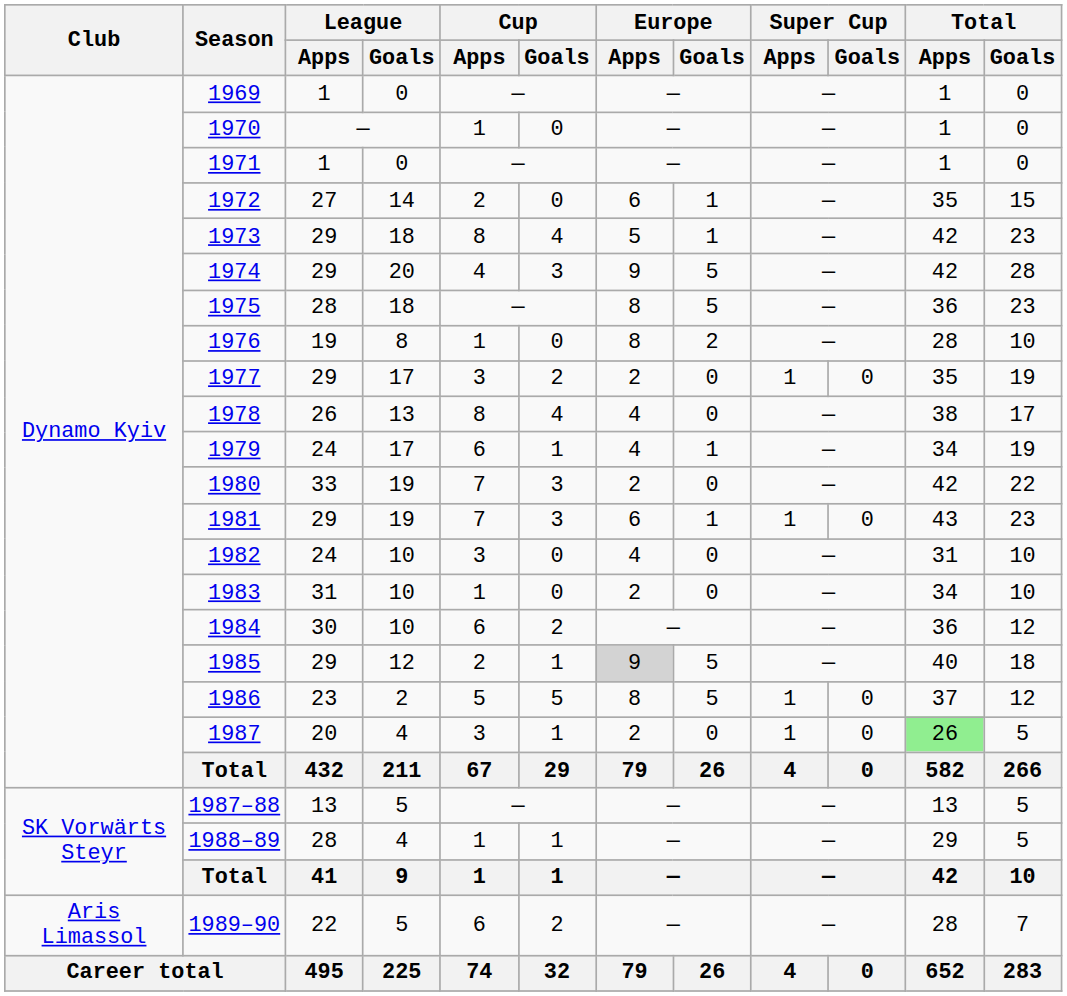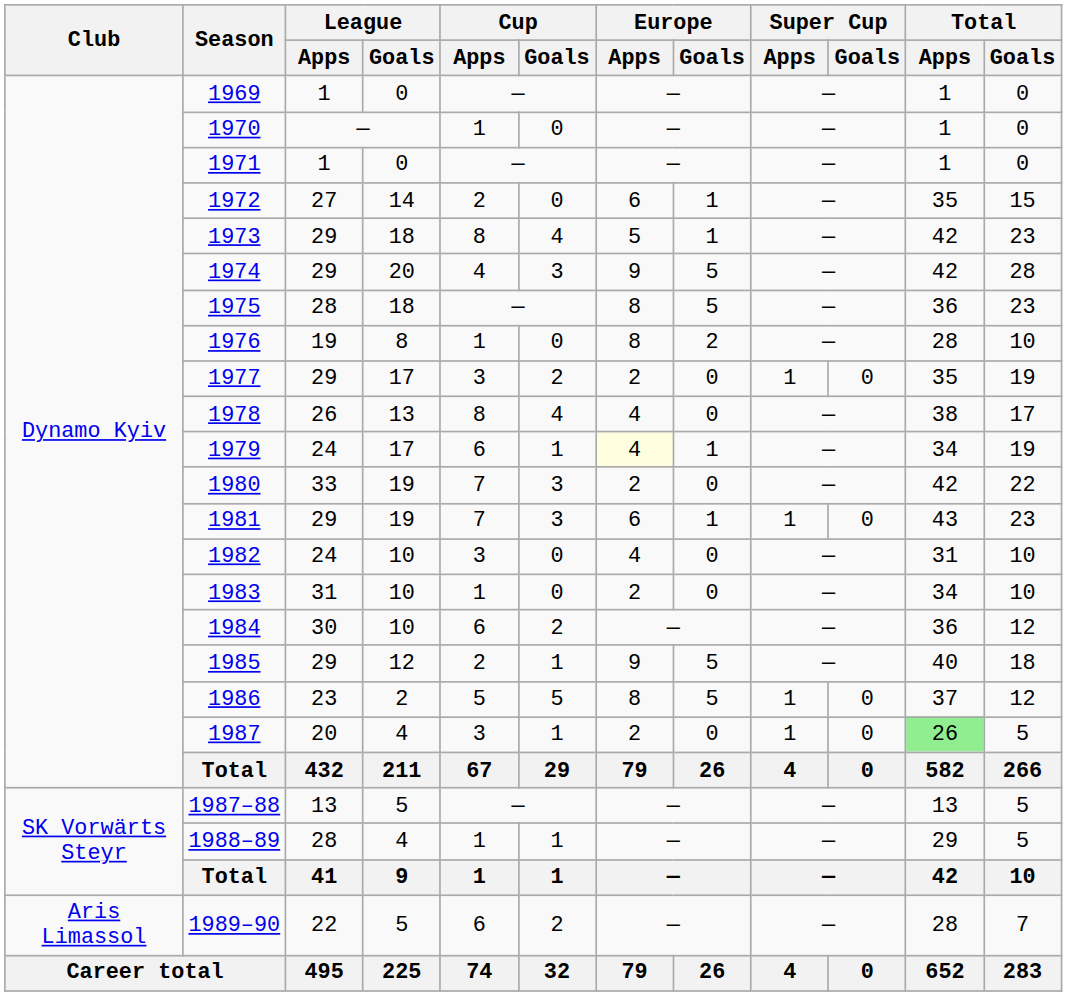 <table class="wikitable" style="text-align:center">
 <tr>
 <th rowspan="2" width="100">Club</th>
 <th rowspan="2">Season</th>
 <th colspan="2">League</th>
 <th colspan="2">Cup</th>
 <th colspan="2">Europe</th>
 <th colspan="2">Super Cup</th>
 <th colspan="2">Total</th>
 </tr>
 <tr>
 <th width="40">Apps</th>
 <th width="40">Goals</th>
 <th width="40">Apps</th>
 <th width="40">Goals</th>
 <th width="40">Apps</th>
 <th width="40">Goals</th>
 <th width="40">Apps</th>
 <th width="40">Goals</th>
 <th width="40">Apps</th>
 <th width="40">Goals</th>
 </tr>
 <tr>
 <td rowspan="20"><a href='#'>Dynamo Kyiv</a></td>
 <td><a href='#'>1969</a></td>
 <td>1</td>
 <td>0</td>
 <td colspan="2">—</td>
 <td colspan="2">—</td>
 <td colspan="2">—</td>
 <td>1</td>
 <td>0</td>
 </tr>
 <tr>
 <td><a href='#'>1970</a></td>
 <td colspan="2">—</td>
 <td>1</td>
 <td>0</td>
 <td colspan="2">—</td>
 <td colspan="2">—</td>
 <td>1</td>
 <td>0</td>
 </tr>
 <tr>
 <td><a href='#'>1971</a></td>
 <td>1</td>
 <td>0</td>
 <td colspan="2">—</td>
 <td colspan="2">—</td>
 <td colspan="2">—</td>
 <td>1</td>
 <td>0</td>
 </tr>
 <tr>
 <td><a href='#'>1972</a></td>
 <td>27</td>
 <td>14</td>
 <td>2</td>
 <td>0</td>
 <td>6</td>
 <td>1</td>
 <td colspan="2">—</td>
 <td>35</td>
 <td>15</td>
 </tr>
 <tr>
 <td><a href='#'>1973</a></td>
 <td>29</td>
 <td>18</td>
 <td>8</td>
 <td>4</td>
 <td>5</td>
 <td>1</td>
 <td colspan="2">—</td>
 <td>42</td>
 <td>23</td>
 </tr>
 <tr>
 <td><a href='#'>1974</a></td>
 <td>29</td>
 <td>20</td>
 <td>4</td>
 <td>3</td>
 <td>9</td>
 <td>5</td>
 <td colspan="2">—</td>
 <td>42</td>
 <td>28</td>
 </tr>
 <tr>
 <td><a href='#'>1975</a></td>
 <td>28</td>
 <td>18</td>
 <td colspan="2">—</td>
 <td>8</td>
 <td>5</td>
 <td colspan="2">—</td>
 <td>36</td>
 <td>23</td>
 </tr>
 <tr>
 <td><a href='#'>1976</a></td>
 <td>19</td>
 <td>8</td>
 <td>1</td>
 <td>0</td>
 <td>8</td>
 <td>2</td>
 <td colspan="2">—</td>
 <td>28</td>
 <td>10</td>
 </tr>
 <tr>
 <td><a href='#'>1977</a></td>
 <td>29</td>
 <td>17</td>
 <td>3</td>
 <td>2</td>
 <td>2</td>
 <td>0</td>
 <td>1</td>
 <td>0</td>
 <td>35</td>
 <td>19</td>
 </tr>
 <tr>
 <td><a href='#'>1978</a></td>
 <td>26</td>
 <td>13</td>
 <td>8</td>
 <td>4</td>
 <td>4</td>
 <td>0</td>
 <td colspan="2">—</td>
 <td>38</td>
 <td>17</td>
 </tr>
 <tr>
 <td><a href='#'>1979</a></td>
 <td>24</td>
 <td>17</td>
 <td>6</td>
 <td>1</td>
-<td>4</td>
+<td style="background: lightyellow;">4</td>
 <td>1</td>
 <td colspan="2">—</td>
 <td>34</td>
 <td>19</td>
 </tr>
 <tr>
 <td><a href='#'>1980</a></td>
 <td>33</td>
 <td>19</td>
 <td>7</td>
 <td>3</td>
 <td>2</td>
 <td>0</td>
 <td colspan="2">—</td>
 <td>42</td>
 <td>22</td>
 </tr>
 <tr>
 <td><a href='#'>1981</a></td>
 <td>29</td>
 <td>19</td>
 <td>7</td>
 <td>3</td>
 <td>6</td>
 <td>1</td>
 <td>1</td>
 <td>0</td>
 <td>43</td>
 <td>23</td>
 </tr>
 <tr>
 <td><a href='#'>1982</a></td>
 <td>24</td>
 <td>10</td>
 <td>3</td>
 <td>0</td>
 <td>4</td>
 <td>0</td>
 <td colspan="2">—</td>
 <td>31</td>
 <td>10</td>
 </tr>
 <tr>
 <td><a href='#'>1983</a></td>
 <td>31</td>
 <td>10</td>
 <td>1</td>
 <td>0</td>
 <td>2</td>
 <td>0</td>
 <td colspan="2">—</td>
 <td>34</td>
 <td>10</td>
 </tr>
 <tr>
 <td><a href='#'>1984</a></td>
 <td>30</td>
 <td>10</td>
 <td>6</td>
 <td>2</td>
 <td colspan="2">—</td>
 <td colspan="2">—</td>
 <td>36</td>
 <td>12</td>
 </tr>
 <tr>
 <td><a href='#'>1985</a></td>
 <td>29</td>
 <td>12</td>
 <td>2</td>
 <td>1</td>
-<td style="background: lightgrey;">9</td>
+<td>9</td>
 <td>5</td>
 <td colspan="2">—</td>
 <td>40</td>
 <td>18</td>
 </tr>
 <tr>
 <td><a href='#'>1986</a></td>
 <td>23</td>
 <td>2</td>
 <td>5</td>
 <td>5</td>
 <td>8</td>
 <td>5</td>
 <td>1</td>
 <td>0</td>
 <td>37</td>
 <td>12</td>
 </tr>
 <tr>
 <td><a href='#'>1987</a></td>
 <td>20</td>
 <td>4</td>
 <td>3</td>
 <td>1</td>
 <td>2</td>
 <td>0</td>
 <td>1</td>
 <td>0</td>
 <td style="background: lightgreen;">26</td>
 <td>5</td>
 </tr>
 <tr>
 <th>Total</th>
 <th>432</th>
 <th>211</th>
 <th>67</th>
 <th>29</th>
 <th>79</th>
 <th>26</th>
 <th>4</th>
 <th>0</th>
 <th>582</th>
 <th>266</th>
 </tr>
 <tr>
 <td rowspan="3"><a href='#'>SK Vorwärts Steyr</a></td>
 <td><a href='#'>1987–88</a></td>
 <td>13</td>
 <td>5</td>
 <td colspan="2">—</td>
 <td colspan="2">—</td>
 <td colspan="2">—</td>
 <td>13</td>
 <td>5</td>
 </tr>
 <tr>
 <td><a href='#'>1988–89</a></td>
 <td>28</td>
 <td>4</td>
 <td>1</td>
 <td>1</td>
 <td colspan="2">—</td>
 <td colspan="2">—</td>
 <td>29</td>
 <td>5</td>
 </tr>
 <tr>
 <th>Total</th>
 <th>41</th>
 <th>9</th>
 <th>1</th>
 <th>1</th>
 <th colspan="2">—</th>
 <th colspan="2">—</th>
 <th>42</th>
 <th>10</th>
 </tr>
 <tr>
 <td><a href='#'>Aris Limassol</a></td>
 <td><a href='#'>1989–90</a></td>
 <td>22</td>
 <td>5</td>
 <td>6</td>
 <td>2</td>
 <td colspan="2">—</td>
 <td colspan="2">—</td>
 <td>28</td>
 <td>7</td>
 </tr>
 <tr>
 <th colspan="2">Career total</th>
 <th>495</th>
 <th>225</th>
 <th>74</th>
 <th>32</th>
 <th>79</th>
 <th>26</th>
 <th>4</th>
 <th>0</th>
 <th>652</th>
 <th>283</th>
 </tr>
 </table>
